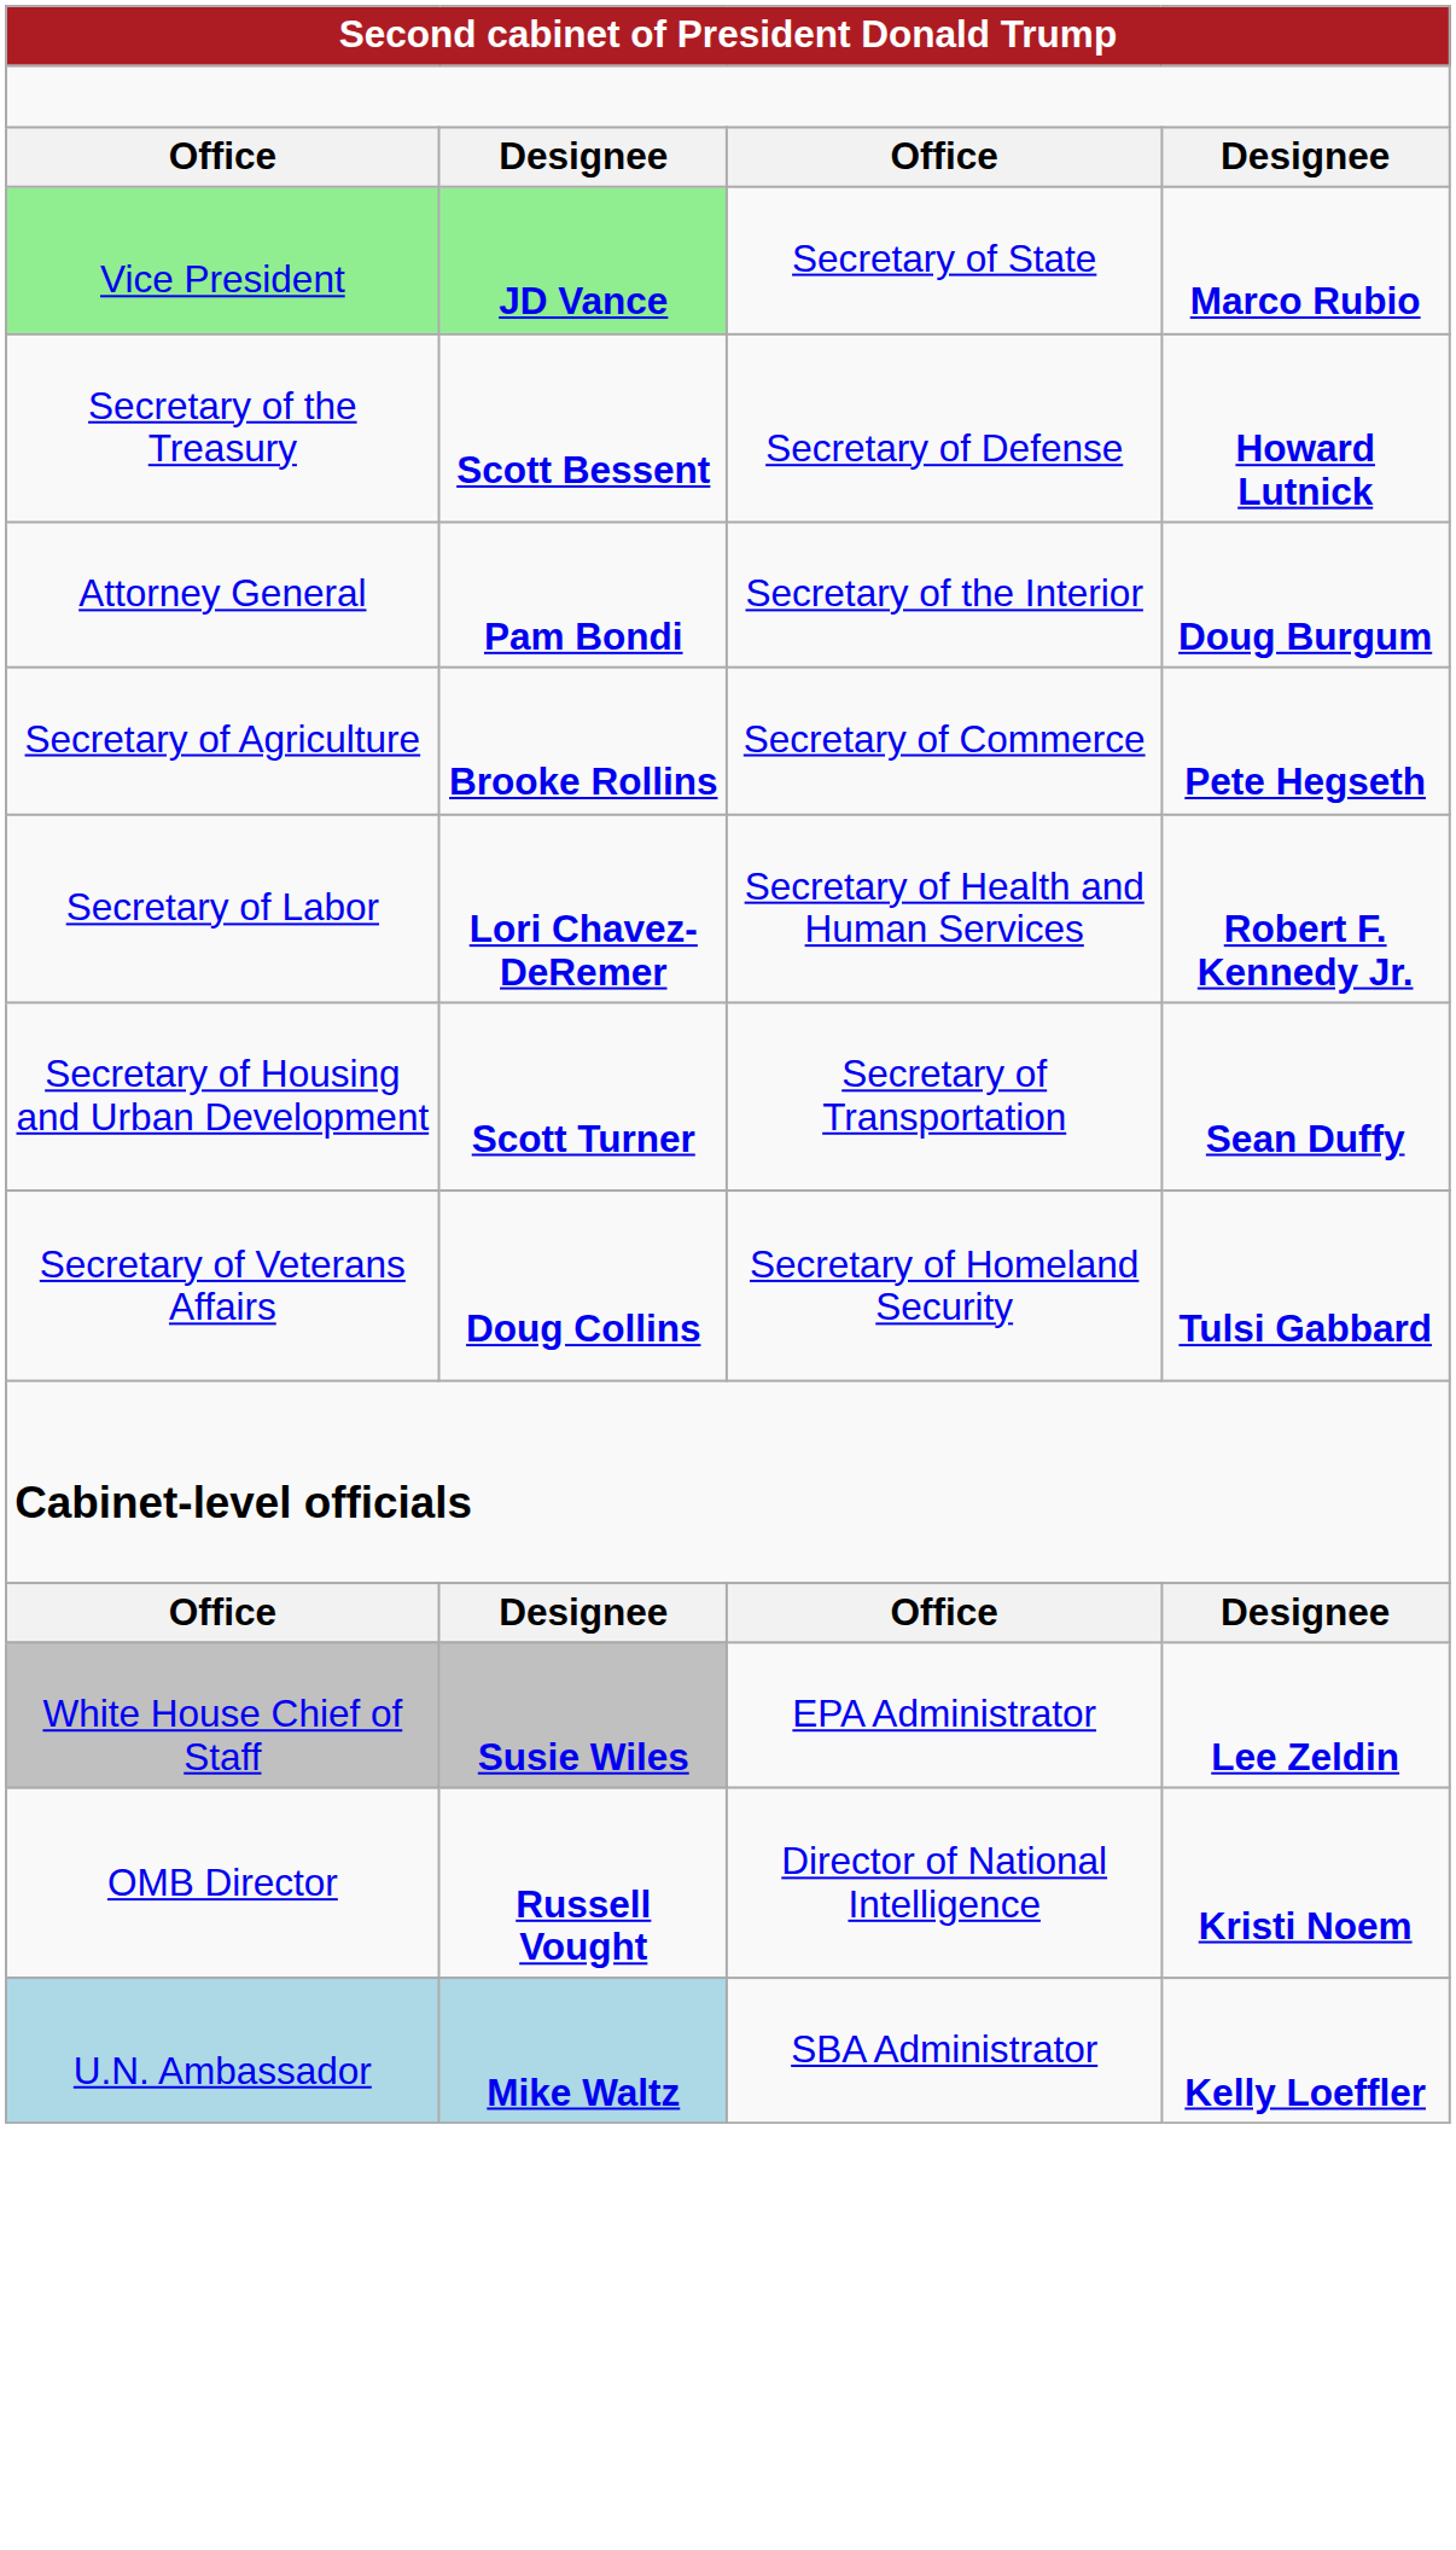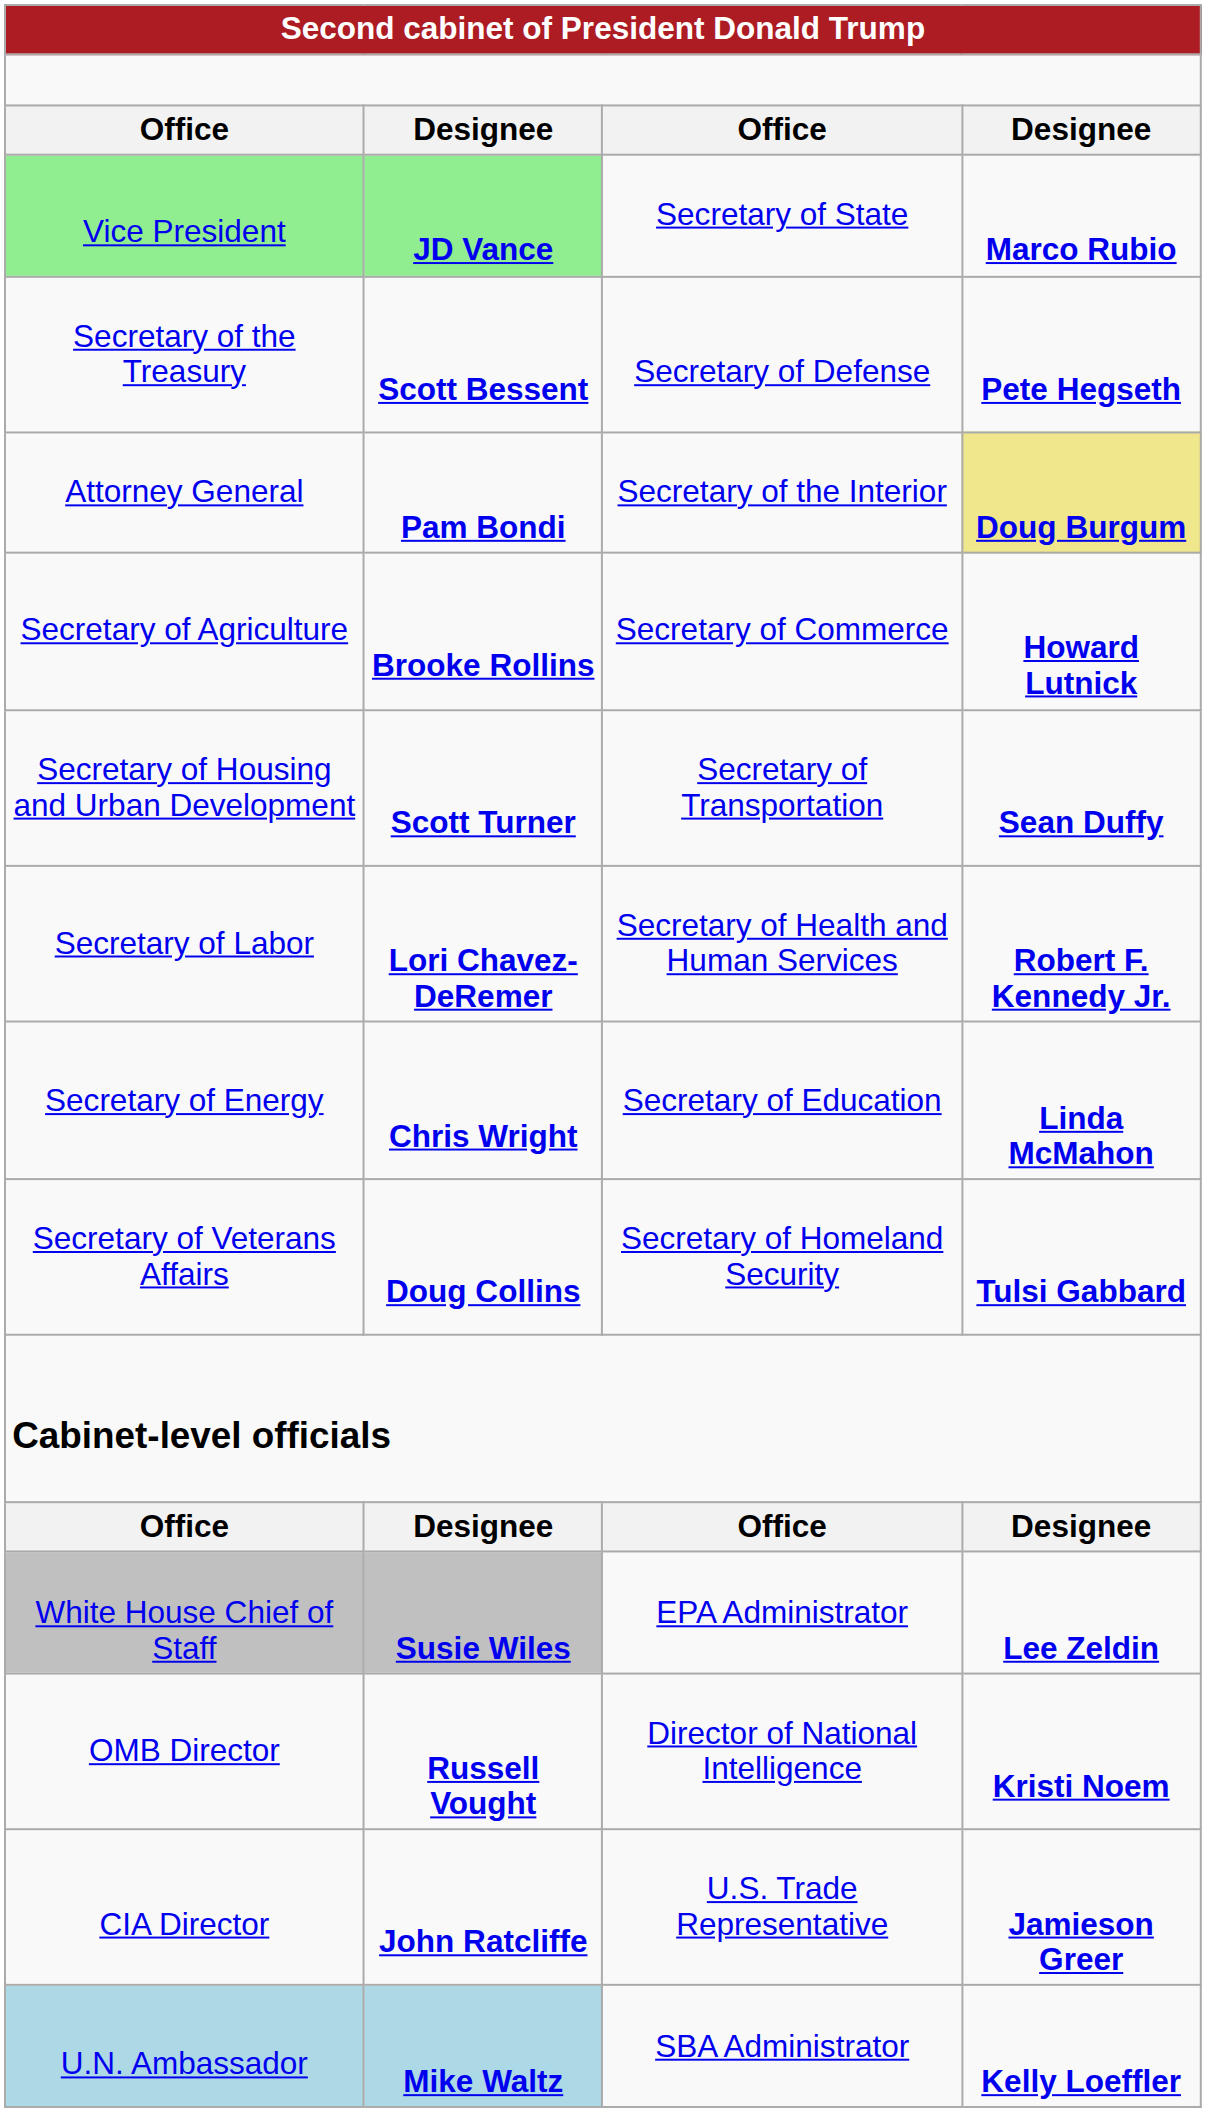 <table class="wikitable" style="text-align:center">
 <tr>
 <th colspan=4 style="text-align:center; font-size:100%; color:white; background:#AE1C23;">Second cabinet of President Donald Trump</th>
 </tr>
 <tr>
 <td colspan=4 style="text-align:left"><br>   </td>
 </tr>
 <tr>
 <th scope="col" style="width: 30%;">Office<br></th>
 <th scope="col" style="width: 20%;">Designee</th>
 <th scope="col" style="width: 30%;">Office<br></th>
 <th scope="col" style="width: 20%;">Designee</th>
 </tr>
 <tr>
 <td style="background: #90EE90;"><br><a href='#'>Vice President</a><br></td>
 <td style="background: #90EE90;"><br><br><strong><a href='#'>JD Vance</a></strong><br></td>
 <td><br><a href='#'>Secretary of State</a><br><br></td>
 <td><br><br><strong><a href='#'>Marco Rubio</a></strong><br></td>
 </tr>
 <tr>
 <td><br><a href='#'>Secretary of the Treasury</a><br><br></td>
 <td><br><br><strong><a href='#'>Scott Bessent</a></strong><br></td>
 <td><br><a href='#'>Secretary of Defense</a><br></td>
-<td><br><br><strong><a href='#'>Howard Lutnick</a></strong><br></td>
+<td><br><br><strong><a href='#'>Pete Hegseth</a></strong><br></td>
 </tr>
 <tr>
 <td><br><a href='#'>Attorney General</a><br><br></td>
 <td><br><br><strong><a href='#'>Pam Bondi</a></strong><br></td>
 <td><br><a href='#'>Secretary of the Interior</a><br><br></td>
-<td><br><br><strong><a href='#'>Doug Burgum</a></strong><br></td>
+<td style="background: khaki;"><br><br><strong><a href='#'>Doug Burgum</a></strong><br></td>
 </tr>
 <tr>
 <td><br><a href='#'>Secretary of Agriculture</a><br><br></td>
 <td><br><br><strong><a href='#'>Brooke Rollins</a></strong><br></td>
 <td><br><a href='#'>Secretary of Commerce</a><br><br></td>
-<td><br><br><strong><a href='#'>Pete Hegseth</a></strong><br></td>
+<td><br><br><strong><a href='#'>Howard Lutnick</a></strong><br></td>
+</tr>
+<tr>
+<td><br><a href='#'>Secretary of Housing and Urban Development</a><br><br></td>
+<td><br><br><strong><a href='#'>Scott Turner</a></strong><br></td>
+<td><br><a href='#'>Secretary of Transportation</a><br><br></td>
+<td><br><br><strong><a href='#'>Sean Duffy</a></strong><br></td>
 </tr>
 <tr>
 <td><br><a href='#'>Secretary of Labor</a><br><br></td>
 <td><br><br><strong><a href='#'>Lori Chavez-DeRemer</a></strong><br></td>
 <td><br><a href='#'>Secretary of Health and Human Services</a><br><br></td>
 <td><br><br><strong><a href='#'>Robert F. Kennedy Jr.</a></strong><br></td>
 </tr>
 <tr>
-<td><br><a href='#'>Secretary of Housing and Urban Development</a><br><br></td>
-<td><br><br><strong><a href='#'>Scott Turner</a></strong><br></td>
-<td><br><a href='#'>Secretary of Transportation</a><br><br></td>
-<td><br><br><strong><a href='#'>Sean Duffy</a></strong><br></td>
+<td><br><a href='#'>Secretary of Energy</a><br><br></td>
+<td><br><br><strong><a href='#'>Chris Wright</a></strong><br></td>
+<td><br><a href='#'>Secretary of Education</a><br><br></td>
+<td><br><br><strong><a href='#'>Linda McMahon</a></strong><br></td>
 </tr>
 <tr>
 <td><br><a href='#'>Secretary of Veterans Affairs</a><br><br></td>
 <td><br><br><strong><a href='#'>Doug Collins</a></strong><br></td>
 <td><br><a href='#'>Secretary of Homeland Security</a><br><br></td>
 <td><br><br><strong><a href='#'>Tulsi Gabbard</a></strong><br></td>
 </tr>
 <tr>
 <td colspan="4" style="text-align:left"><br><h3>Cabinet-level officials</h3></td>
 </tr>
 <tr>
 <th>Office<br></th>
 <th>Designee</th>
 <th>Office<br></th>
 <th>Designee</th>
 </tr>
 <tr>
 <td style="background:#C0C0C0;"><br><a href='#'>White House Chief of Staff</a><br></td>
 <td style="background:#C0C0C0;"><br><br><strong><a href='#'>Susie Wiles</a></strong><br></td>
 <td><br><a href='#'>EPA Administrator</a><br><br></td>
 <td><br><br><strong><a href='#'>Lee Zeldin</a></strong><br></td>
 </tr>
 <tr>
 <td><br><a href='#'>OMB Director</a><br> <br></td>
 <td><br><br><strong><a href='#'>Russell Vought</a></strong><br></td>
 <td><br><a href='#'>Director of National Intelligence</a><br><br></td>
 <td><br><br><strong><a href='#'>Kristi Noem</a></strong><br></td>
 </tr>
 <tr>
+<td><br><a href='#'>CIA Director</a><br></td>
+<td><br><br><strong><a href='#'>John Ratcliffe</a></strong><br></td>
+<td><br><a href='#'>U.S. Trade Representative</a><br><br></td>
+<td><br><br><strong><a href='#'>Jamieson Greer</a></strong><br></td>
+</tr>
+<tr>
 <td style="background: lightblue;"><br><a href='#'>U.N. Ambassador</a><br></td>
 <td style="background: lightblue;"><br><br><strong><a href='#'>Mike Waltz</a></strong><br></td>
 <td><br><a href='#'>SBA Administrator</a><br><br></td>
 <td><br><br><strong><a href='#'>Kelly Loeffler</a></strong><br></td>
 </tr>
 </table>
